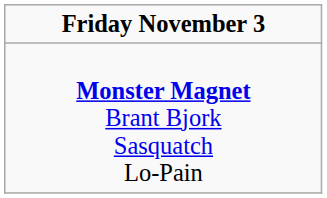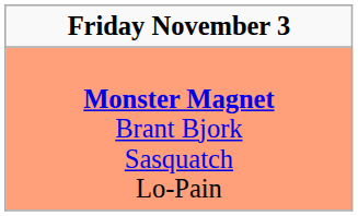 <table class="wikitable">
 <tr>
 <td colspan="3" style="text-align:center;"><strong>Friday November 3</strong></td>
 </tr>
 <tr>
-<td style="text-align:center; vertical-align:top; width:200px;"><br><strong><a href='#'>Monster Magnet</a></strong><br> <a href='#'>Brant Bjork</a><br> <a href='#'>Sasquatch</a><br> Lo-Pain<br></td>
+<td style="background: lightsalmon; text-align:center; vertical-align:top; width:200px;"><br><strong><a href='#'>Monster Magnet</a></strong><br> <a href='#'>Brant Bjork</a><br> <a href='#'>Sasquatch</a><br> Lo-Pain<br></td>
 </tr>
 </table>
